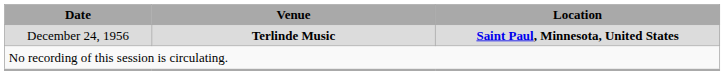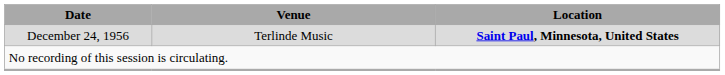 <table class="wikitable" style="width:100%; text-align:center;">
 <tr>
 <th style="width:100px; background:darkGrey;">Date</th>
 <th style="width:200px; background:darkGrey;">Venue</th>
 <th style="width:200px; background:darkGrey;">Location</th>
 </tr>
 <tr style="background:#DCDCDC;">
 <td>December 24, 1956</td>
-<td><strong>Terlinde Music</strong></td>
+<td>Terlinde Music</td>
 <td><strong><a href='#'>Saint Paul</a>, Minnesota, United States</strong></td>
 </tr>
 <tr>
 <td colspan="5" style="border-bottom-width:3px; padding:5px; text-align:left;">No recording of this session is circulating.</td>
 </tr>
 <tr>
 </tr>
 </table>
